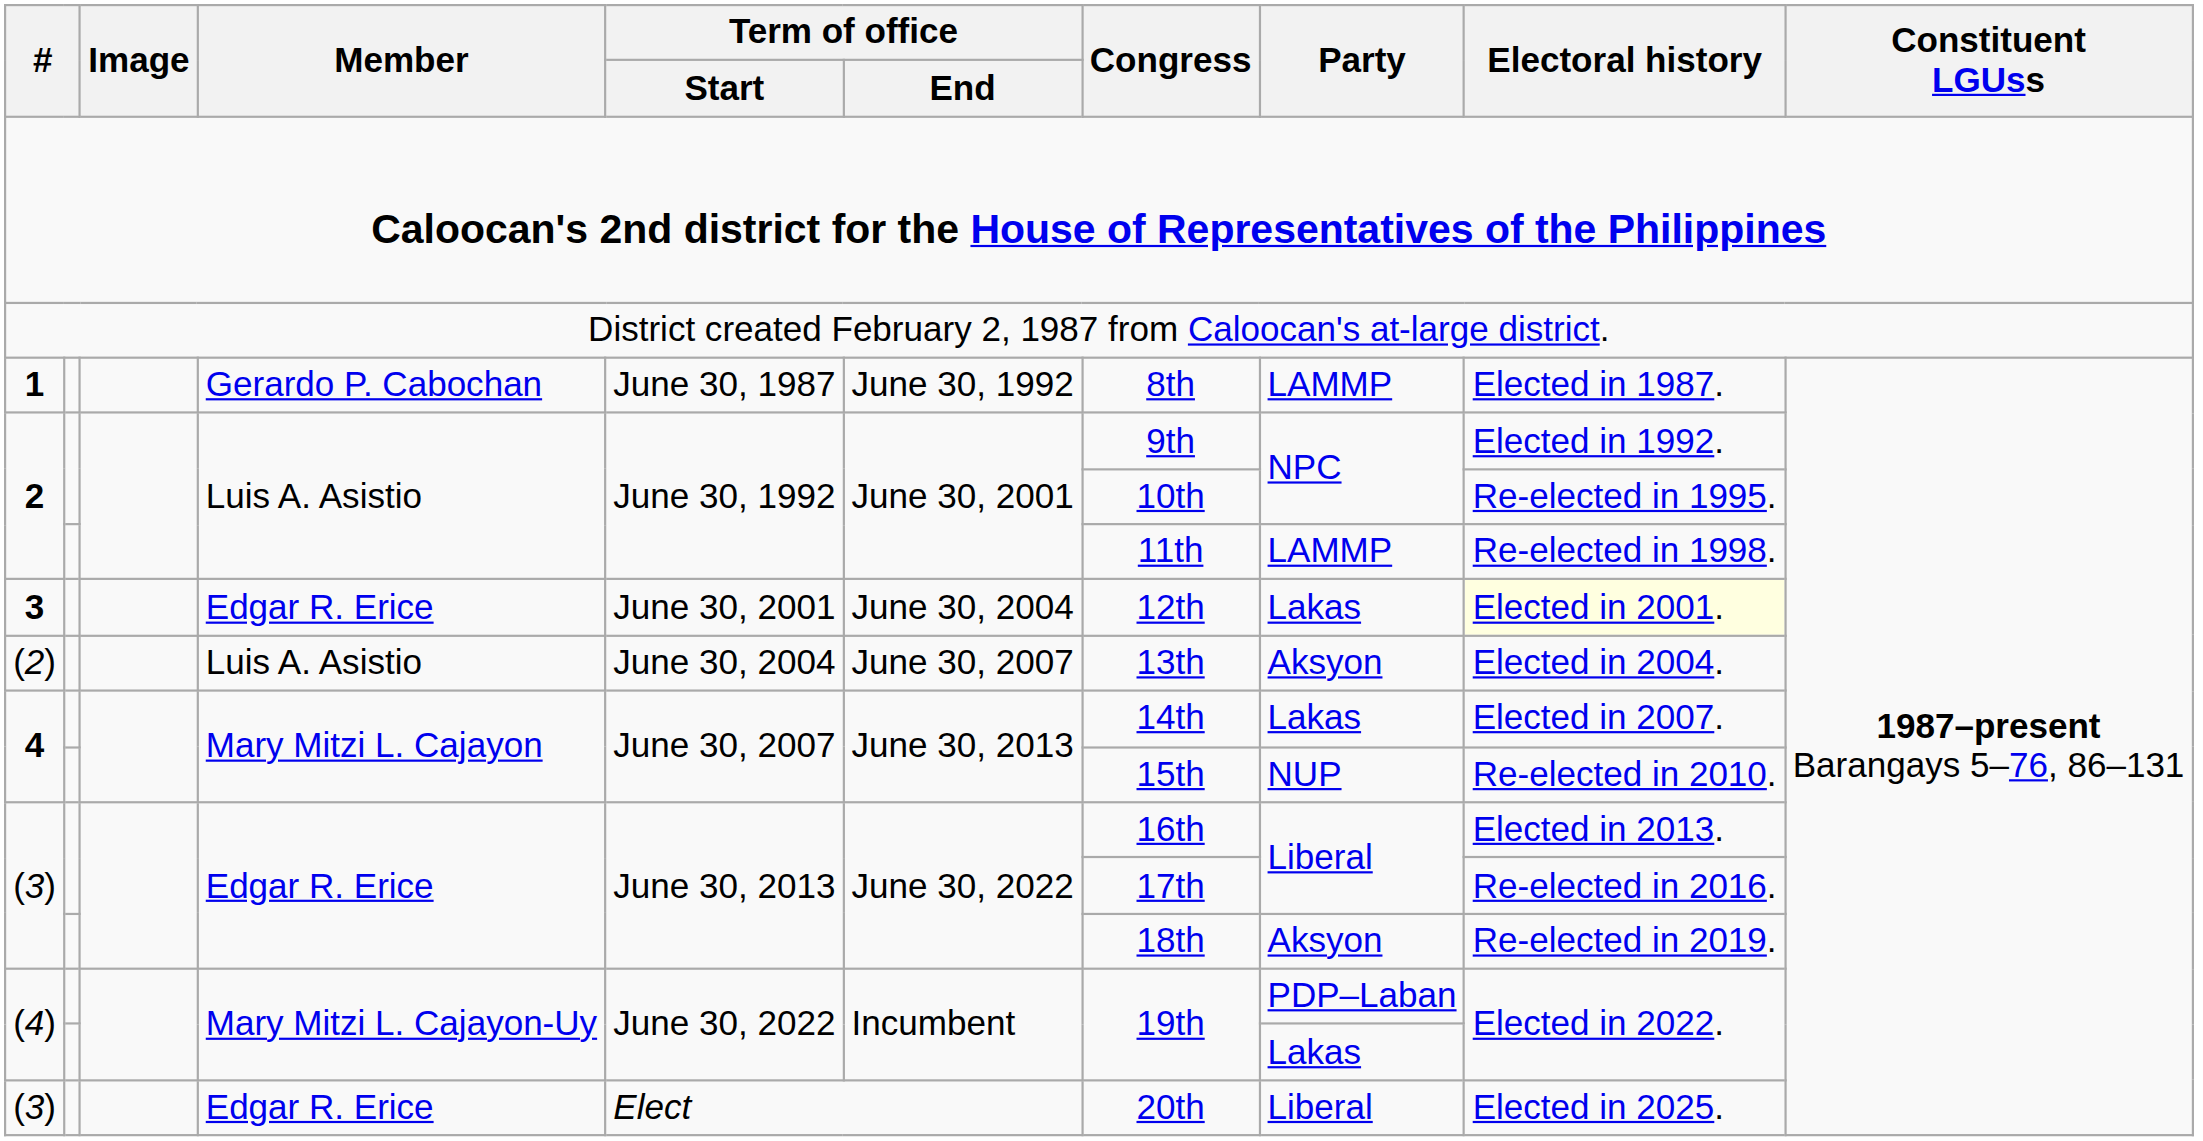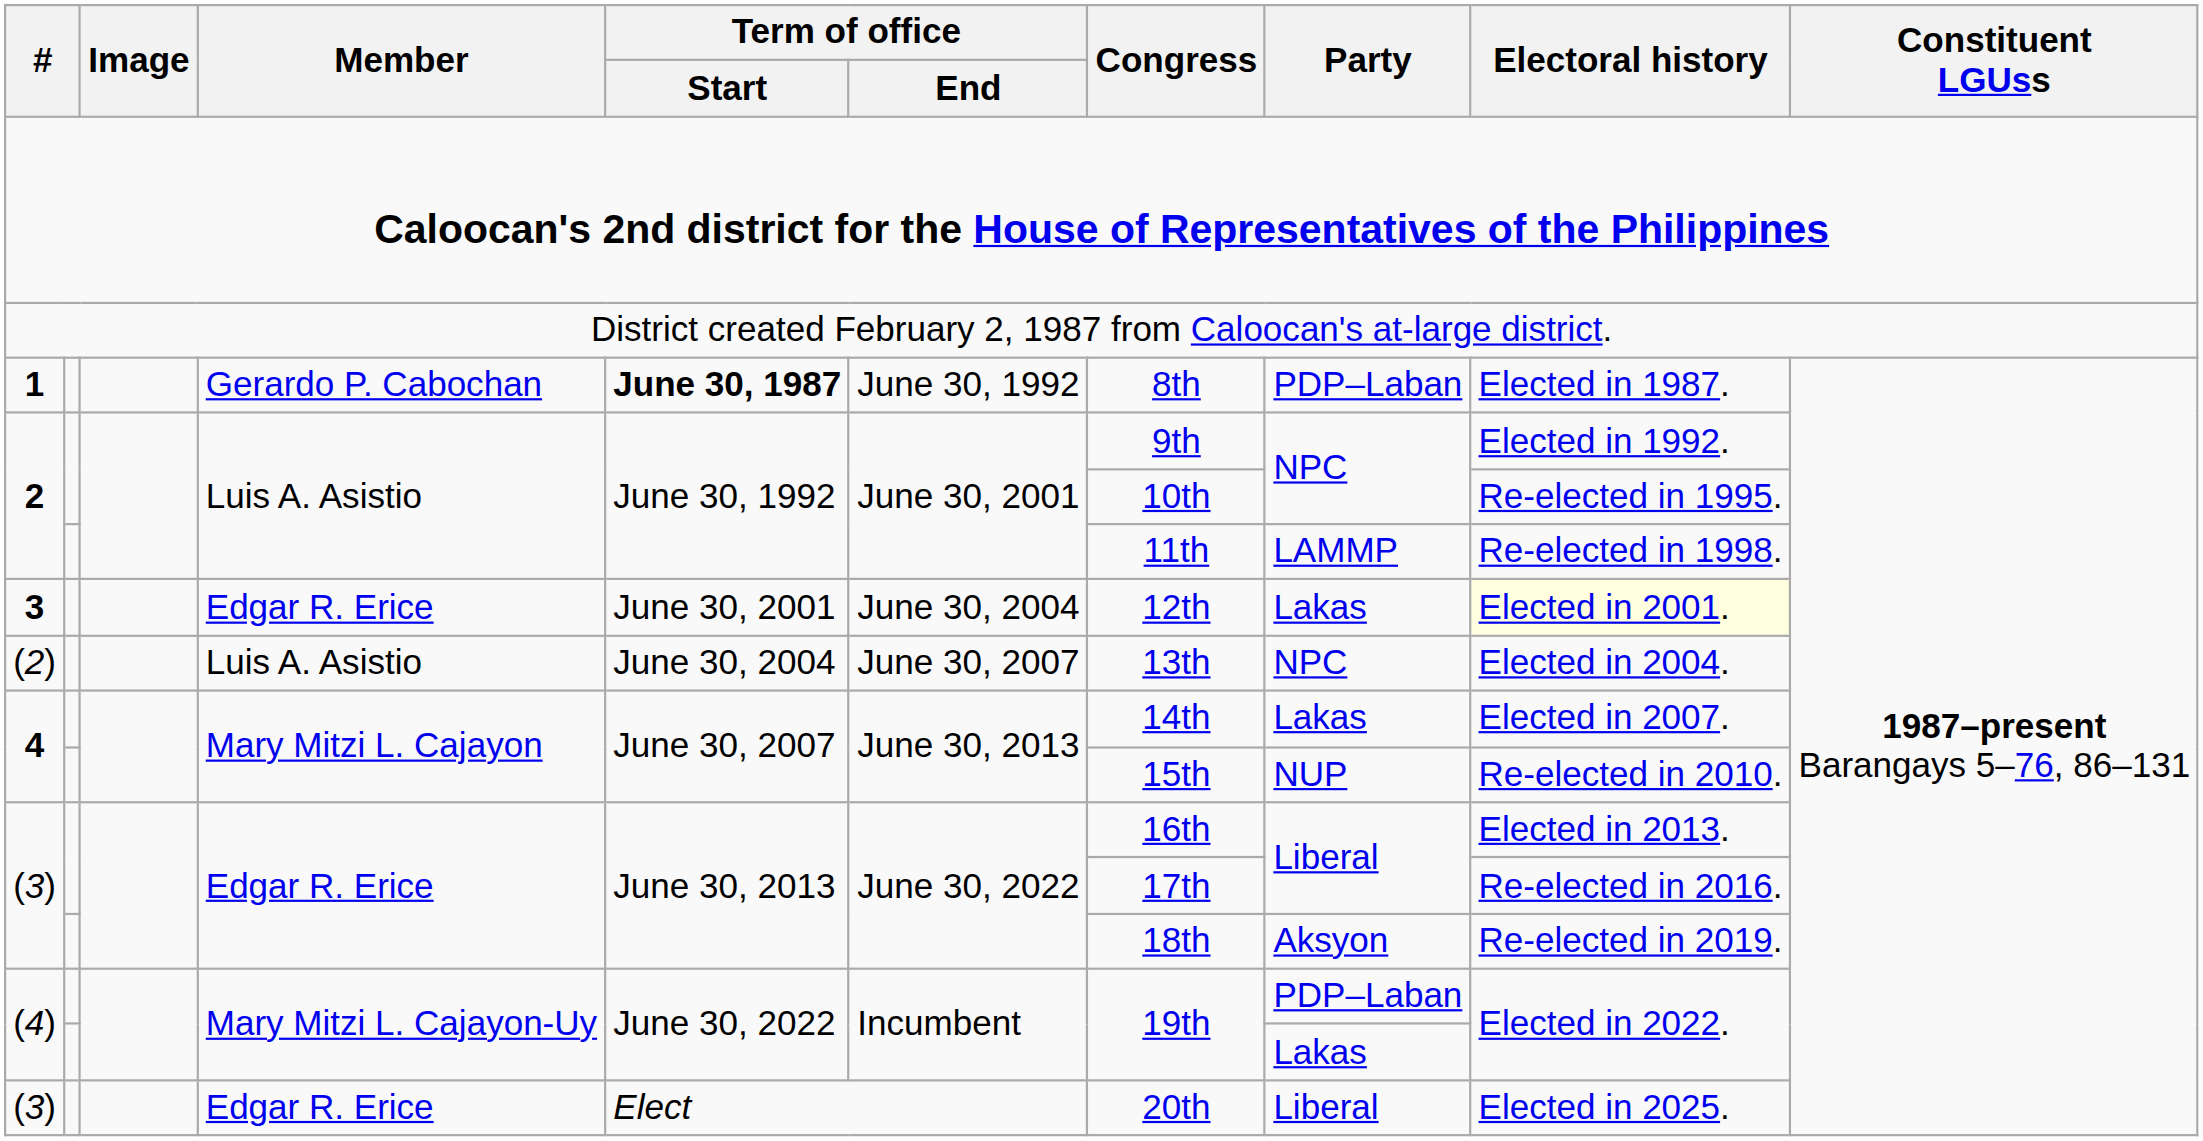 <table class=wikitable>
 <tr>
 <th rowspan="2" colspan="2">#</th>
 <th rowspan="2">Image</th>
 <th rowspan="2">Member</th>
 <th colspan=2>Term of office</th>
 <th rowspan="2">Congress</th>
 <th rowspan="2">Party</th>
 <th rowspan="2">Electoral history</th>
 <th rowspan="2">Constituent<br><a href='#'>LGUs</a>s</th>
 </tr>
 <tr>
 <th>Start</th>
 <th>End</th>
 </tr>
 <tr>
 <td colspan="10" style="text-align:center;"><br><h3>Caloocan's 2nd district for the <a href='#'>House of Representatives of the Philippines</a></h3></td>
 </tr>
 <tr>
 <td colspan="10" style="text-align:center;">District created February 2, 1987 from <a href='#'>Caloocan's at-large district</a>.</td>
 </tr>
 <tr>
 <td style="text-align:center;"><strong>1</strong></td>
 <td style="color:inherit;background:"></td>
 <td></td>
 <td><a href='#'>Gerardo P. Cabochan</a></td>
-<td>June 30, 1987</td>
+<td><strong>June 30, 1987</strong></td>
 <td>June 30, 1992</td>
 <td style="text-align:center;"><a href='#'>8th</a></td>
-<td><a href='#'>LAMMP</a></td>
+<td><a href='#'>PDP–Laban</a></td>
 <td><a href='#'>Elected in 1987</a>.</td>
 <td rowspan="14" style="text-align:center;"><strong>1987–present</strong><br>Barangays 5–<a href='#'>76</a>, 86–131</td>
 </tr>
 <tr>
 <td rowspan="3" style="text-align:center;"><strong>2</strong></td>
 <td rowspan="2" style="color:inherit;background:"></td>
 <td rowspan="3"></td>
 <td rowspan="3">Luis A. Asistio</td>
 <td rowspan="3">June 30, 1992</td>
 <td rowspan="3">June 30, 2001</td>
 <td style="text-align:center;"><a href='#'>9th</a></td>
 <td rowspan="2"><a href='#'>NPC</a></td>
 <td><a href='#'>Elected in 1992</a>.</td>
 </tr>
 <tr>
 <td style="text-align:center;"><a href='#'>10th</a></td>
 <td><a href='#'>Re-elected in 1995</a>.</td>
 </tr>
 <tr>
 <td style="color:inherit;background:"></td>
 <td style="text-align:center;"><a href='#'>11th</a></td>
 <td><a href='#'>LAMMP</a></td>
 <td><a href='#'>Re-elected in 1998</a>.</td>
 </tr>
 <tr>
 <td style="text-align:center;"><strong>3</strong></td>
 <td style="color:inherit;background:"></td>
 <td></td>
 <td><a href='#'>Edgar R. Erice</a></td>
 <td>June 30, 2001</td>
 <td>June 30, 2004</td>
 <td style="text-align:center;"><a href='#'>12th</a></td>
 <td><a href='#'>Lakas</a></td>
 <td style="background: lightyellow;"><a href='#'>Elected in 2001</a>.</td>
 </tr>
 <tr>
 <td style="text-align:center;">(<em>2</em>)</td>
 <td style="color:inherit;background:"></td>
 <td></td>
 <td>Luis A. Asistio</td>
 <td>June 30, 2004</td>
 <td>June 30, 2007</td>
 <td style="text-align:center;"><a href='#'>13th</a></td>
-<td><a href='#'>Aksyon</a></td>
+<td><a href='#'>NPC</a></td>
 <td><a href='#'>Elected in 2004</a>.</td>
 </tr>
 <tr>
 <td rowspan="2" style="text-align:center;"><strong>4</strong></td>
 <td style="color:inherit;background:"></td>
 <td rowspan="2"></td>
 <td rowspan="2"><a href='#'>Mary Mitzi L. Cajayon</a></td>
 <td rowspan="2">June 30, 2007</td>
 <td rowspan="2">June 30, 2013</td>
 <td style="text-align:center;"><a href='#'>14th</a></td>
 <td><a href='#'>Lakas</a></td>
 <td><a href='#'>Elected in 2007</a>.</td>
 </tr>
 <tr>
 <td style="color:inherit;background:"></td>
 <td style="text-align:center;"><a href='#'>15th</a></td>
 <td><a href='#'>NUP</a></td>
 <td><a href='#'>Re-elected in 2010</a>.</td>
 </tr>
 <tr>
 <td rowspan="3" style="text-align:center;">(<em>3</em>)</td>
 <td rowspan="2" style="color:inherit;background:"></td>
 <td rowspan="3"></td>
 <td rowspan="3"><a href='#'>Edgar R. Erice</a></td>
 <td rowspan="3">June 30, 2013</td>
 <td rowspan="3">June 30, 2022</td>
 <td style="text-align:center;"><a href='#'>16th</a></td>
 <td rowspan="2"><a href='#'>Liberal</a></td>
 <td><a href='#'>Elected in 2013</a>.</td>
 </tr>
 <tr>
 <td style="text-align:center;"><a href='#'>17th</a></td>
 <td><a href='#'>Re-elected in 2016</a>.</td>
 </tr>
 <tr>
 <td style="color:inherit;background:"></td>
 <td style="text-align:center;"><a href='#'>18th</a></td>
 <td><a href='#'>Aksyon</a></td>
 <td><a href='#'>Re-elected in 2019</a>.</td>
 </tr>
 <tr>
 <td style="text-align:center;" rowspan="2">(<em>4</em>)</td>
 <td style="color:inherit;background:"></td>
 <td rowspan="2"></td>
 <td rowspan="2"><a href='#'>Mary Mitzi L. Cajayon-Uy</a></td>
 <td rowspan="2">June 30, 2022</td>
 <td rowspan="2">Incumbent</td>
 <td style="text-align:center;" rowspan="2"><a href='#'>19th</a></td>
 <td><a href='#'>PDP–Laban</a></td>
 <td rowspan="2"><a href='#'>Elected in 2022</a>.</td>
 </tr>
 <tr>
 <td style="color:inherit;background:"></td>
 <td><a href='#'>Lakas</a></td>
 </tr>
 <tr>
 <td style="text-align:center;">(<em>3</em>)</td>
 <td style="color:inherit;background:"></td>
 <td></td>
 <td><a href='#'>Edgar R. Erice</a><br></td>
 <td colspan="2"><em>Elect</em></td>
 <td style="text-align:center;"><a href='#'>20th</a></td>
 <td><a href='#'>Liberal</a></td>
 <td><a href='#'>Elected in 2025</a>.</td>
 </tr>
 </table>
